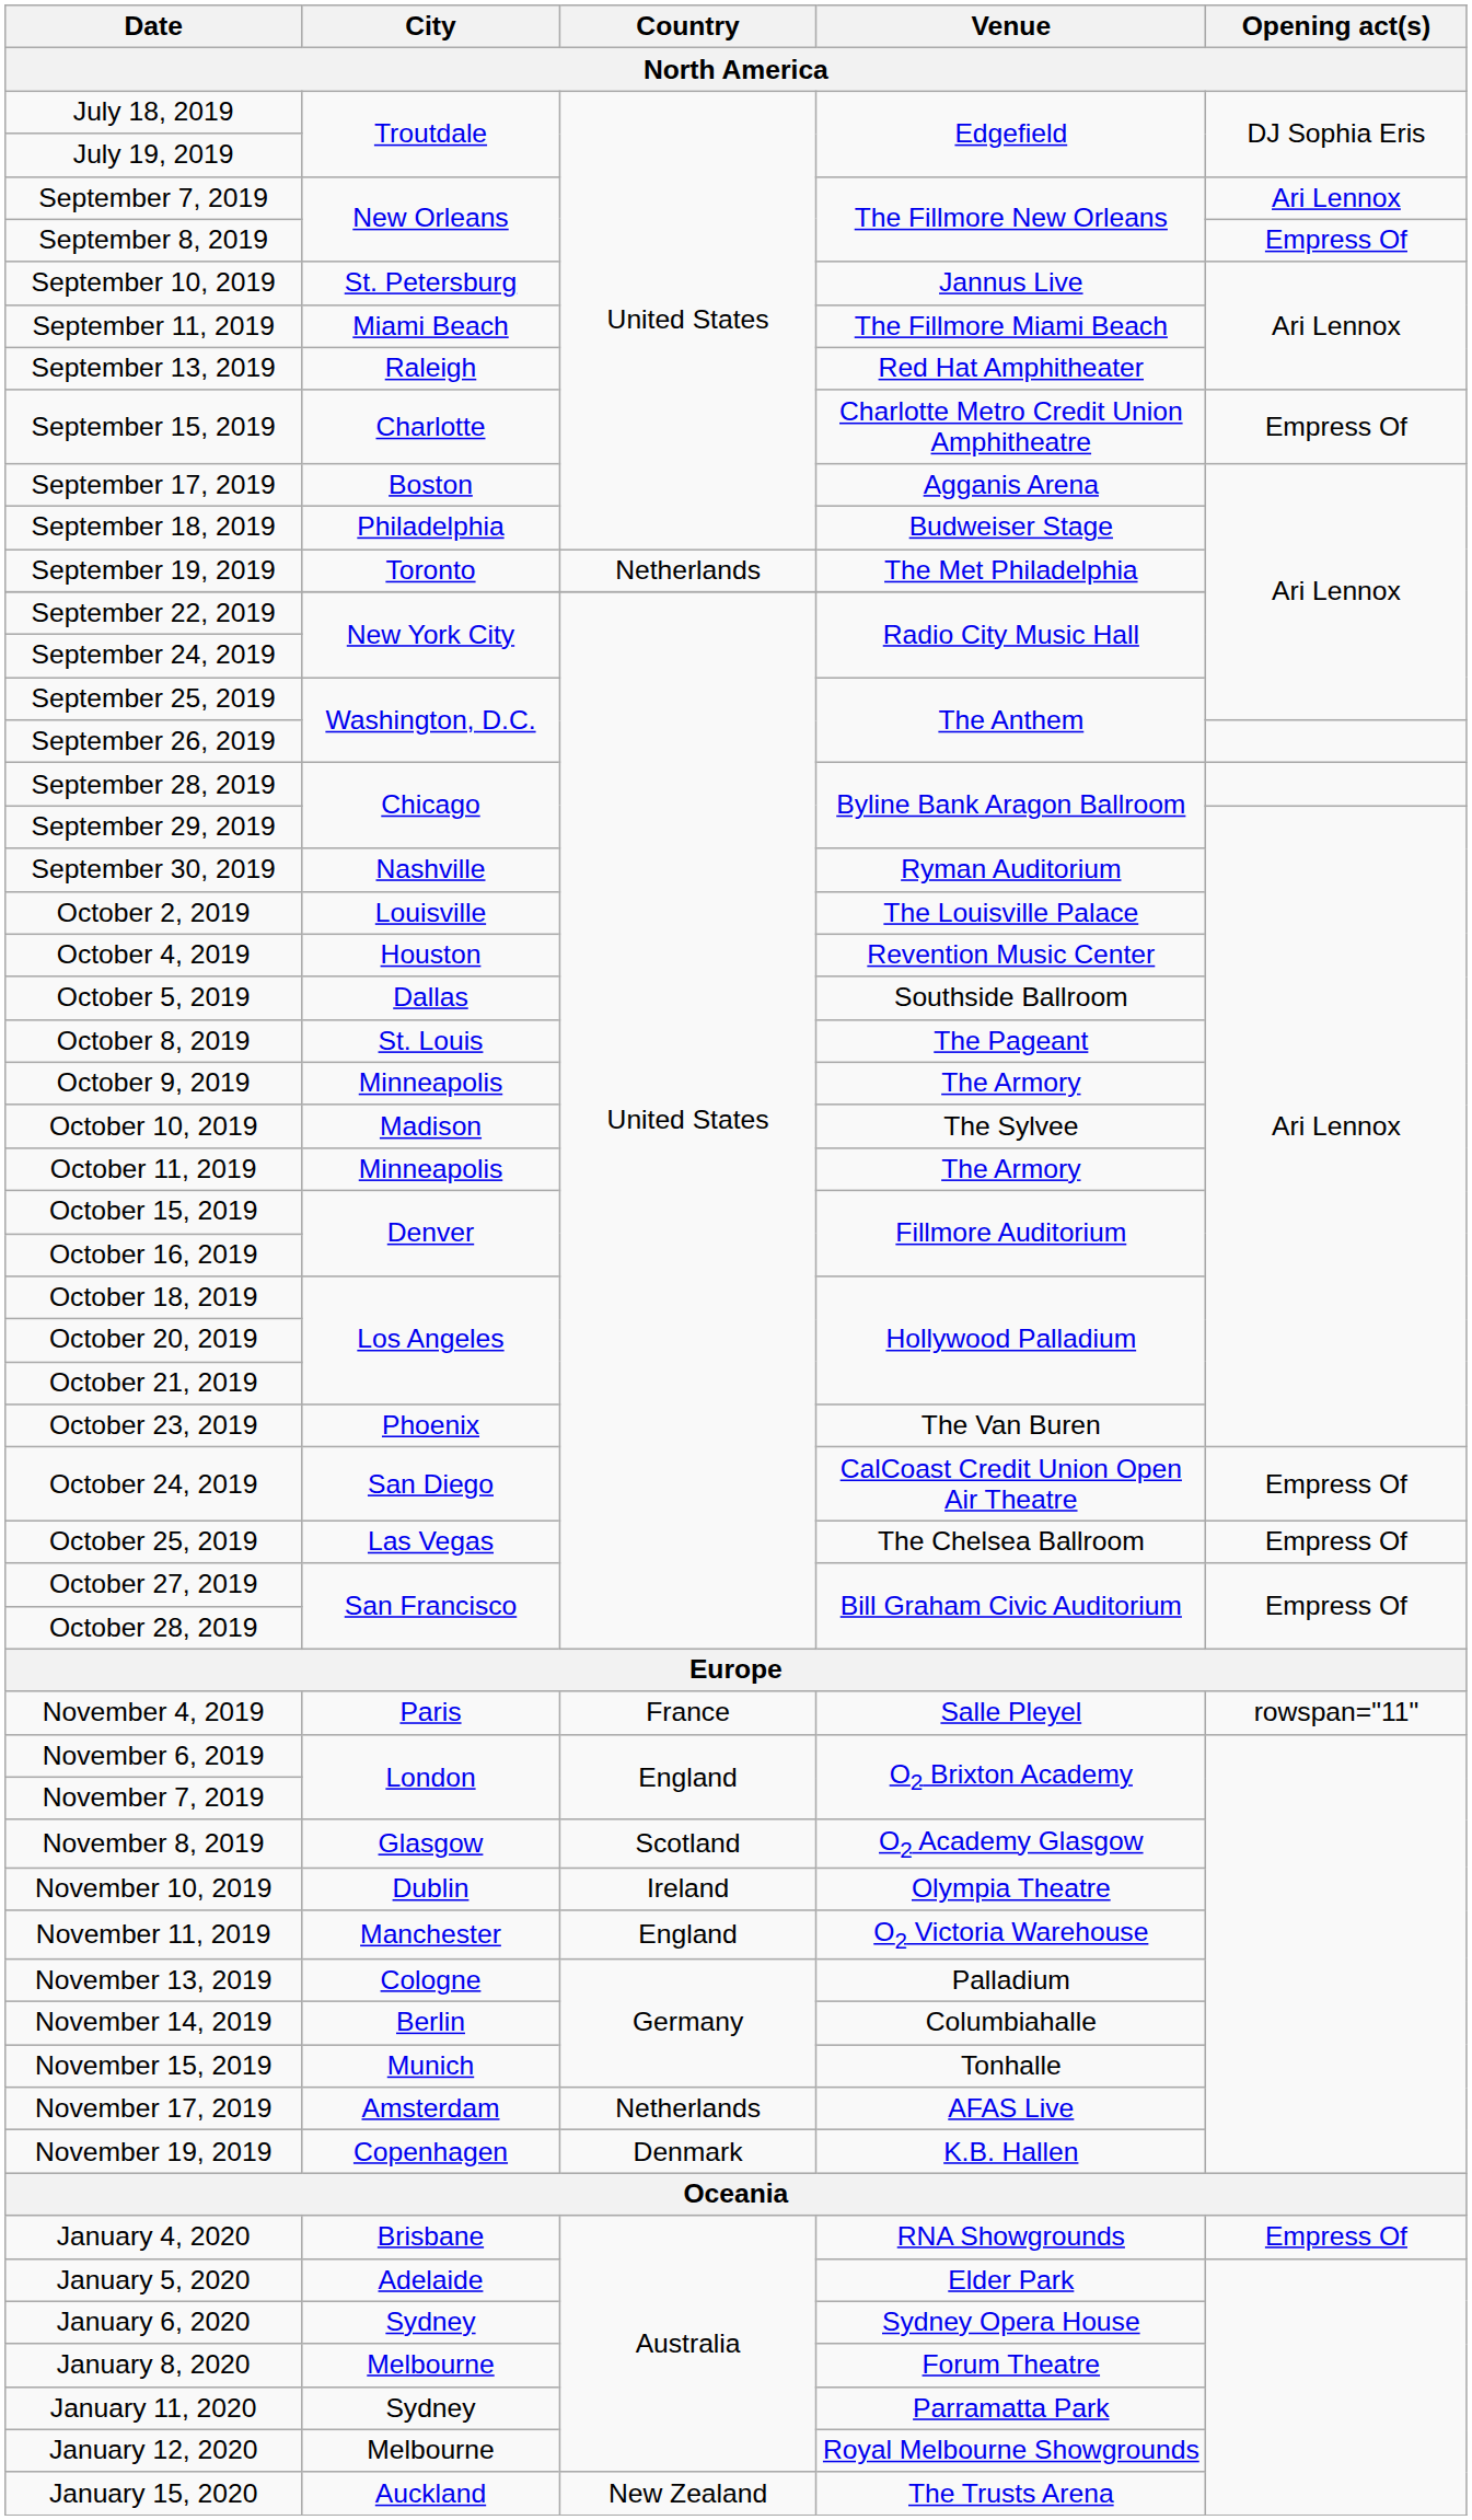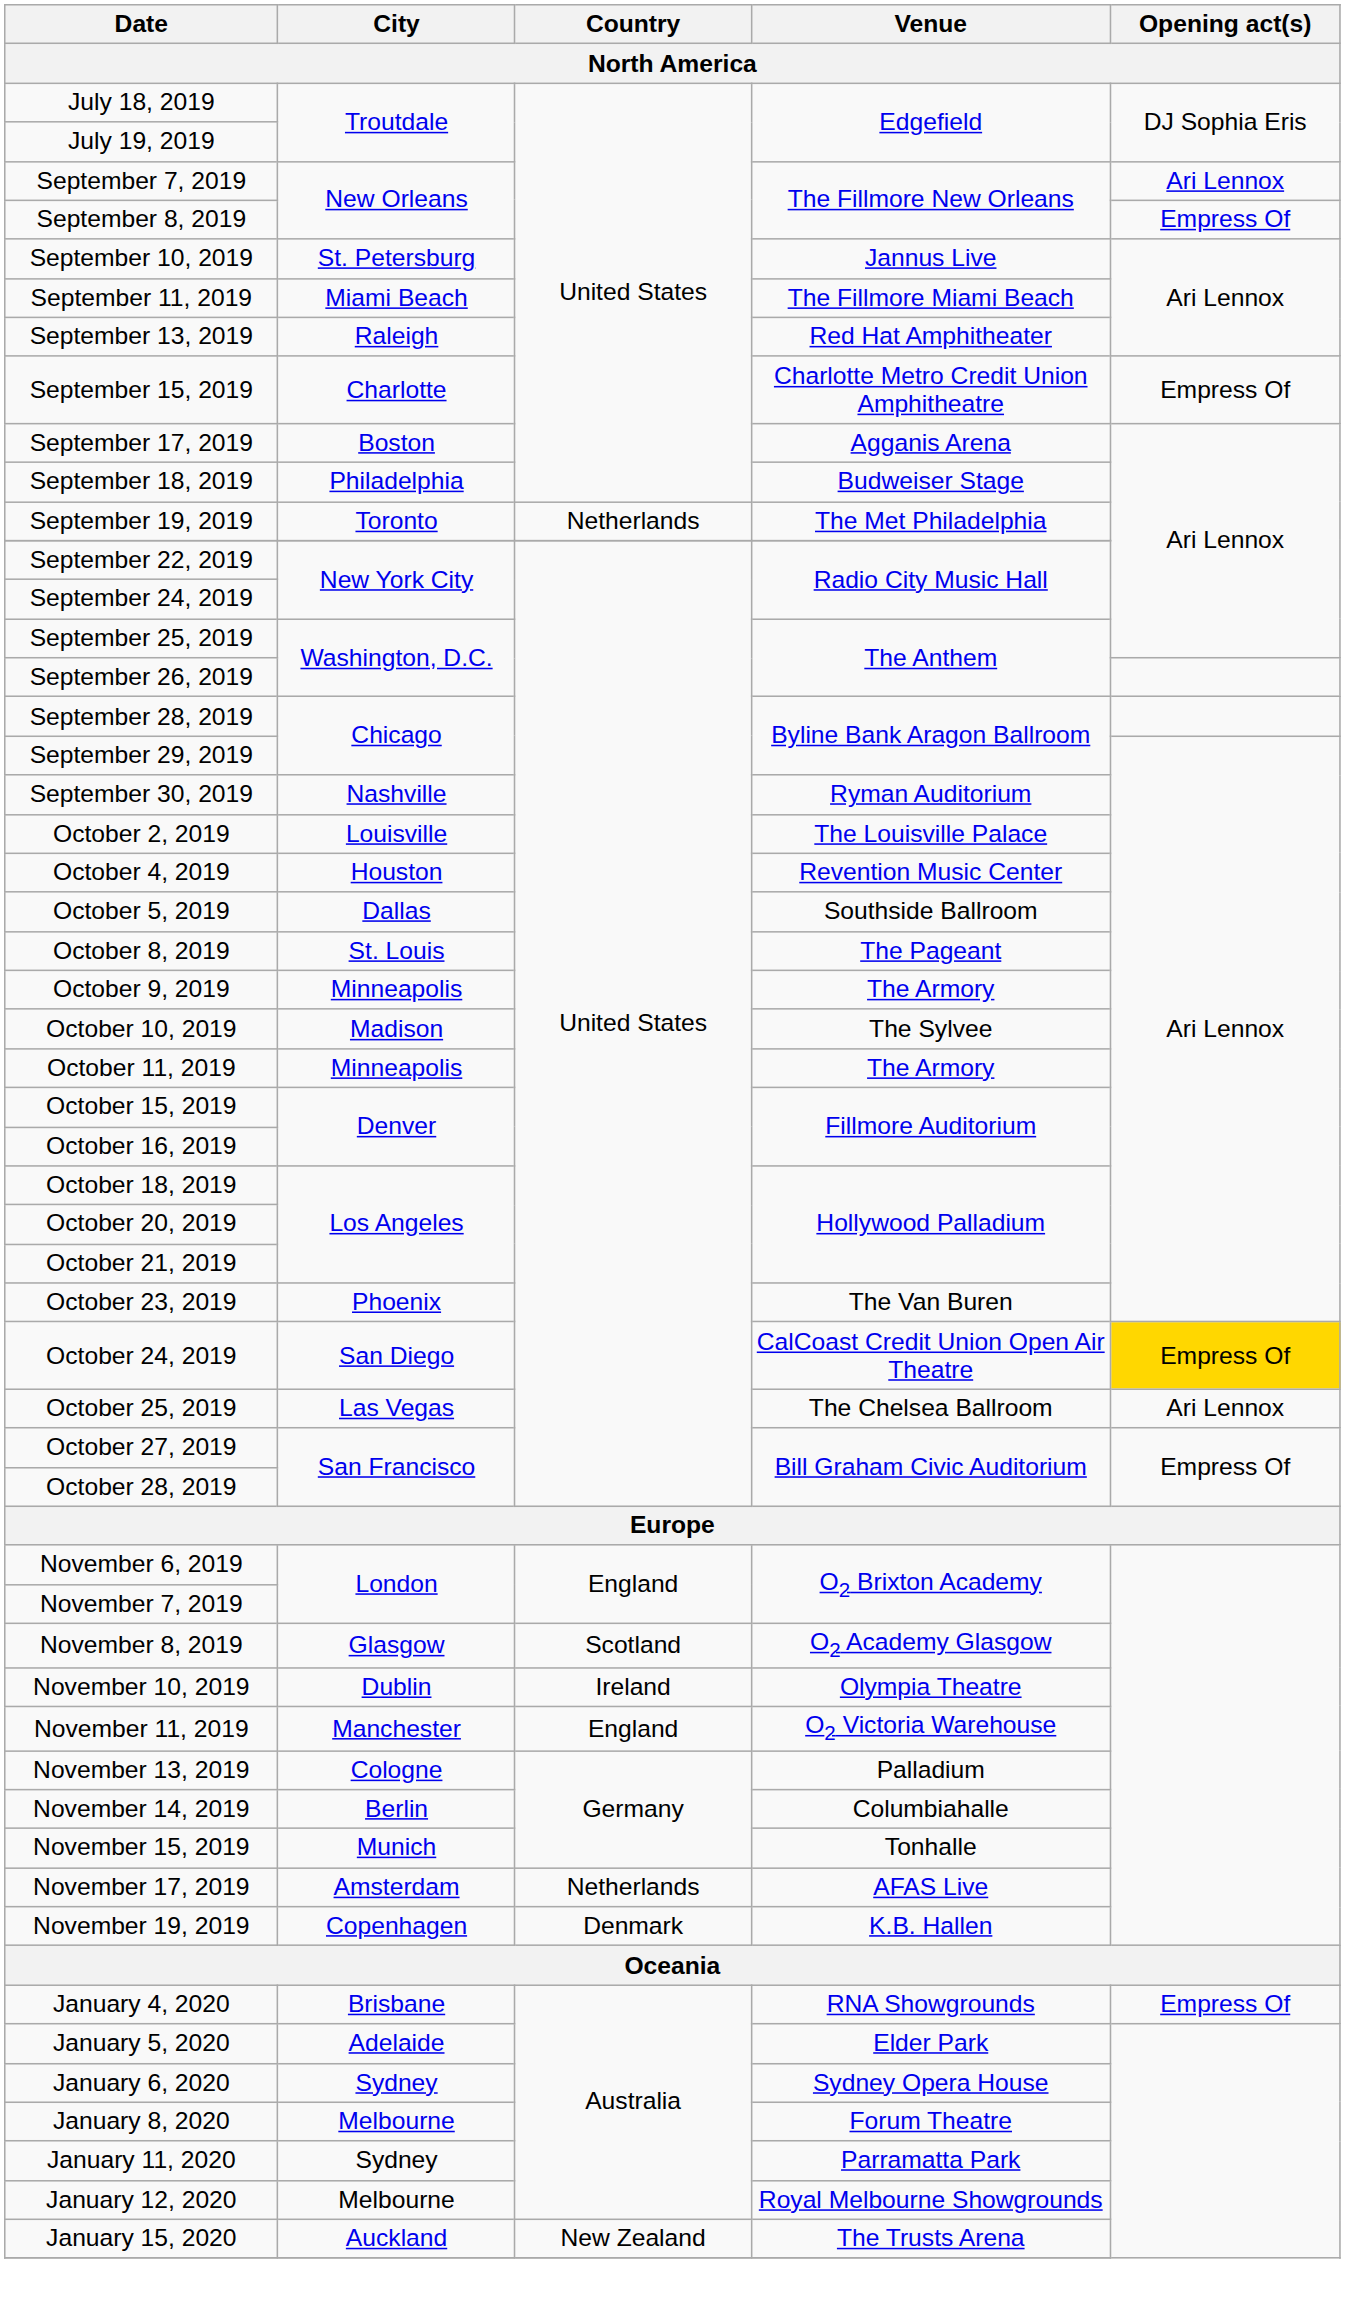 <table class="wikitable plainrowheaders" style="text-align: center;">
 <tr>
 <th scope="col" style="width:12em;">Date</th>
 <th scope="col" style="width:10em;">City</th>
 <th scope="col" style="width:10em;">Country</th>
 <th scope="col" style="width:16em;">Venue</th>
 <th scope="col" style="width:10em;">Opening act(s)</th>
 </tr>
 <tr>
 <th colspan="5">North America</th>
 </tr>
 <tr>
 <td>July 18, 2019</td>
 <td rowspan="2"><a href='#'>Troutdale</a></td>
 <td rowspan="10">United States</td>
 <td rowspan="2"><a href='#'>Edgefield</a></td>
 <td rowspan="2">DJ Sophia Eris</td>
 </tr>
 <tr>
 <td>July 19, 2019</td>
 </tr>
 <tr>
 <td>September 7, 2019</td>
 <td rowspan="2"><a href='#'>New Orleans</a></td>
 <td rowspan="2"><a href='#'>The Fillmore New Orleans</a></td>
 <td><a href='#'>Ari Lennox</a></td>
 </tr>
 <tr>
 <td>September 8, 2019</td>
 <td><a href='#'>Empress Of</a></td>
 </tr>
 <tr>
 <td>September 10, 2019</td>
 <td><a href='#'>St. Petersburg</a></td>
 <td><a href='#'>Jannus Live</a></td>
 <td rowspan="3">Ari Lennox</td>
 </tr>
 <tr>
 <td>September 11, 2019</td>
 <td><a href='#'>Miami Beach</a></td>
 <td><a href='#'>The Fillmore Miami Beach</a></td>
 </tr>
 <tr>
 <td>September 13, 2019</td>
 <td><a href='#'>Raleigh</a></td>
 <td><a href='#'>Red Hat Amphitheater</a></td>
 </tr>
 <tr>
 <td>September 15, 2019</td>
 <td><a href='#'>Charlotte</a></td>
 <td><a href='#'>Charlotte Metro Credit Union Amphitheatre</a></td>
 <td>Empress Of</td>
 </tr>
 <tr>
 <td>September 17, 2019</td>
 <td><a href='#'>Boston</a></td>
 <td><a href='#'>Agganis Arena</a></td>
 <td rowspan="7">Ari Lennox</td>
 </tr>
 <tr>
 <td>September 18, 2019</td>
 <td><a href='#'>Philadelphia</a></td>
 <td><a href='#'>Budweiser Stage</a></td>
 </tr>
 <tr>
 <td>September 19, 2019</td>
 <td><a href='#'>Toronto</a></td>
 <td>Netherlands</td>
 <td><a href='#'>The Met Philadelphia</a></td>
 </tr>
 <tr>
 </tr>
 <tr>
 <td>September 22, 2019</td>
 <td rowspan="2"><a href='#'>New York City</a></td>
 <td rowspan="24">United States</td>
 <td rowspan="2"><a href='#'>Radio City Music Hall</a></td>
 </tr>
 <tr>
 <td>September 24, 2019</td>
 </tr>
 <tr>
 <td>September 25, 2019</td>
 <td rowspan="2"><a href='#'>Washington, D.C.</a></td>
 <td rowspan="2"><a href='#'>The Anthem</a></td>
 </tr>
 <tr>
 <td>September 26, 2019</td>
 </tr>
 <tr>
 <td>September 28, 2019</td>
 <td rowspan="2"><a href='#'>Chicago</a></td>
 <td rowspan="2"><a href='#'>Byline Bank Aragon Ballroom</a></td>
 <td></td>
 </tr>
 <tr>
 <td>September 29, 2019</td>
 <td rowspan="15">Ari Lennox</td>
 </tr>
 <tr>
 <td>September 30, 2019</td>
 <td><a href='#'>Nashville</a></td>
 <td><a href='#'>Ryman Auditorium</a></td>
 </tr>
 <tr>
 <td>October 2, 2019</td>
 <td><a href='#'>Louisville</a></td>
 <td><a href='#'>The Louisville Palace</a></td>
 </tr>
 <tr>
 <td>October 4, 2019</td>
 <td><a href='#'>Houston</a></td>
 <td><a href='#'>Revention Music Center</a></td>
 </tr>
 <tr>
 <td>October 5, 2019</td>
 <td><a href='#'>Dallas</a></td>
 <td>Southside Ballroom</td>
 </tr>
 <tr>
 <td>October 8, 2019</td>
 <td><a href='#'>St. Louis</a></td>
 <td><a href='#'>The Pageant</a></td>
 </tr>
 <tr>
 <td>October 9, 2019</td>
 <td><a href='#'>Minneapolis</a></td>
 <td><a href='#'>The Armory</a></td>
 </tr>
 <tr>
 <td>October 10, 2019</td>
 <td><a href='#'>Madison</a></td>
 <td>The Sylvee</td>
 </tr>
 <tr>
 <td>October 11, 2019</td>
 <td><a href='#'>Minneapolis</a></td>
 <td><a href='#'>The Armory</a></td>
 </tr>
 <tr>
 <td>October 15, 2019</td>
 <td rowspan="2"><a href='#'>Denver</a></td>
 <td rowspan="2"><a href='#'>Fillmore Auditorium</a></td>
 </tr>
 <tr>
 <td>October 16, 2019</td>
 </tr>
 <tr>
 <td>October 18, 2019</td>
 <td rowspan="3"><a href='#'>Los Angeles</a></td>
 <td rowspan="3"><a href='#'>Hollywood Palladium</a></td>
 </tr>
 <tr>
 <td>October 20, 2019</td>
 </tr>
 <tr>
 <td>October 21, 2019</td>
 </tr>
 <tr>
 <td>October 23, 2019</td>
 <td><a href='#'>Phoenix</a></td>
 <td>The Van Buren</td>
 </tr>
 <tr>
 <td>October 24, 2019</td>
 <td><a href='#'>San Diego</a></td>
 <td><a href='#'>CalCoast Credit Union Open Air Theatre</a></td>
-<td>Empress Of</td>
+<td style="background: gold;">Empress Of</td>
 </tr>
 <tr>
 <td>October 25, 2019</td>
 <td><a href='#'>Las Vegas</a></td>
 <td>The Chelsea Ballroom</td>
-<td>Empress Of</td>
+<td>Ari Lennox</td>
 </tr>
 <tr>
 <td>October 27, 2019</td>
 <td rowspan="2"><a href='#'>San Francisco</a></td>
 <td rowspan="2"><a href='#'>Bill Graham Civic Auditorium</a></td>
 <td rowspan="2">Empress Of</td>
 </tr>
 <tr>
 <td>October 28, 2019</td>
 </tr>
 <tr>
 <th colspan="5">Europe</th>
-</tr>
-<tr>
-<td>November 4, 2019</td>
-<td><a href='#'>Paris</a></td>
-<td>France</td>
-<td><a href='#'>Salle Pleyel</a></td>
-<td>rowspan="11" </td>
 </tr>
 <tr>
 <td>November 6, 2019</td>
 <td rowspan="2"><a href='#'>London</a></td>
 <td rowspan="2">England</td>
 <td rowspan="2"><a href='#'>O<sub>2</sub> Brixton Academy</a></td>
 </tr>
 <tr>
 <td>November 7, 2019</td>
 </tr>
 <tr>
 <td>November 8, 2019</td>
 <td><a href='#'>Glasgow</a></td>
 <td>Scotland</td>
 <td><a href='#'>O<sub>2</sub> Academy Glasgow</a></td>
 </tr>
 <tr>
 <td>November 10, 2019</td>
 <td><a href='#'>Dublin</a></td>
 <td>Ireland</td>
 <td><a href='#'>Olympia Theatre</a></td>
 </tr>
 <tr>
 <td>November 11, 2019</td>
 <td><a href='#'>Manchester</a></td>
 <td>England</td>
 <td><a href='#'>O<sub>2</sub> Victoria Warehouse</a></td>
 </tr>
 <tr>
 <td>November 13, 2019</td>
 <td><a href='#'>Cologne</a></td>
 <td rowspan="3">Germany</td>
 <td>Palladium</td>
 </tr>
 <tr>
 <td>November 14, 2019</td>
 <td><a href='#'>Berlin</a></td>
 <td>Columbiahalle</td>
 </tr>
 <tr>
 <td>November 15, 2019</td>
 <td><a href='#'>Munich</a></td>
 <td>Tonhalle</td>
 </tr>
 <tr>
 <td>November 17, 2019</td>
 <td><a href='#'>Amsterdam</a></td>
 <td>Netherlands</td>
 <td><a href='#'>AFAS Live</a></td>
 </tr>
 <tr>
 <td>November 19, 2019</td>
 <td><a href='#'>Copenhagen</a></td>
 <td>Denmark</td>
 <td><a href='#'>K.B. Hallen</a></td>
 </tr>
 <tr>
 <th colspan="5">Oceania</th>
 </tr>
 <tr>
 <td>January 4, 2020</td>
 <td><a href='#'>Brisbane</a></td>
 <td Rowspan="6">Australia</td>
 <td><a href='#'>RNA Showgrounds</a></td>
 <td><a href='#'>Empress Of</a></td>
 </tr>
 <tr>
 <td>January 5, 2020</td>
 <td><a href='#'>Adelaide</a></td>
 <td><a href='#'>Elder Park</a></td>
 </tr>
 <tr>
 <td>January 6, 2020</td>
 <td><a href='#'>Sydney</a></td>
 <td><a href='#'>Sydney Opera House</a></td>
 </tr>
 <tr>
 <td>January 8, 2020</td>
 <td><a href='#'>Melbourne</a></td>
 <td><a href='#'>Forum Theatre</a></td>
 </tr>
 <tr>
 <td>January 11, 2020</td>
 <td>Sydney</td>
 <td><a href='#'>Parramatta Park</a></td>
 </tr>
 <tr>
 <td>January 12, 2020</td>
 <td>Melbourne</td>
 <td><a href='#'>Royal Melbourne Showgrounds</a></td>
 </tr>
 <tr>
 <td>January 15, 2020</td>
 <td><a href='#'>Auckland</a></td>
 <td>New Zealand</td>
 <td><a href='#'>The Trusts Arena</a></td>
 </tr>
 <tr>
 </tr>
 </table>
